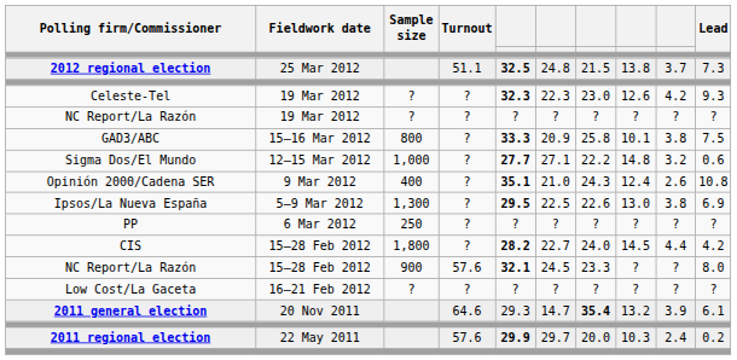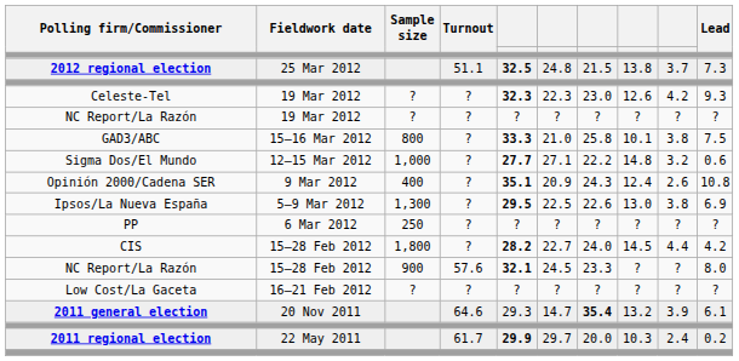 <table class="wikitable collapsible collapsed" style="text-align:center; font-size:95%; line-height:16px;">
 <tr style="height:42px;">
 <th style="width:250px;" rowspan="2">Polling firm/Commissioner</th>
 <th style="width:125px;" rowspan="2">Fieldwork date</th>
 <th style="width:50px;" rowspan="2">Sample size</th>
 <th style="width:45px;" rowspan="2">Turnout</th>
 <th style="width:35px;"></th>
 <th style="width:35px;"></th>
 <th style="width:35px;"></th>
 <th style="width:35px;"></th>
 <th style="width:35px;"></th>
 <th style="width:30px;" rowspan="2">Lead</th>
 </tr>
 <tr>
 <th style="color:inherit;background:"></th>
 <th style="color:inherit;background:"></th>
 <th style="color:inherit;background:"></th>
 <th style="color:inherit;background:"></th>
 <th style="color:inherit;background:"></th>
 </tr>
 <tr>
 <td colspan="10" style="background:#A0A0A0"></td>
 </tr>
 <tr style="background:#EFEFEF;">
 <td><strong><a href='#'>2012 regional election</a></strong></td>
 <td>25 Mar 2012</td>
 <td></td>
 <td>51.1</td>
 <td><strong>32.5</strong><br></td>
 <td>24.8<br></td>
 <td>21.5<br></td>
 <td>13.8<br></td>
 <td>3.7<br></td>
 <td style="background:">7.3</td>
 </tr>
 <tr>
 <td colspan="10" style="background:#A0A0A0"></td>
 </tr>
 <tr>
 <td>Celeste-Tel</td>
 <td>19 Mar 2012</td>
 <td>?</td>
 <td>?</td>
 <td><strong>32.3</strong><br></td>
 <td>22.3<br></td>
 <td>23.0<br></td>
 <td>12.6<br></td>
 <td>4.2<br></td>
 <td style="background:">9.3</td>
 </tr>
 <tr>
 <td>NC Report/La Razón</td>
 <td>19 Mar 2012</td>
 <td>?</td>
 <td>?</td>
 <td>?<br></td>
 <td>?<br></td>
 <td>?<br></td>
 <td>?<br></td>
 <td>?<br></td>
 <td style="background:">?</td>
 </tr>
 <tr>
 <td>GAD3/ABC</td>
 <td>15–16 Mar 2012</td>
 <td>800</td>
 <td>?</td>
 <td><strong>33.3</strong><br></td>
-<td>20.9<br></td>
+<td>21.0<br></td>
 <td>25.8<br></td>
 <td>10.1<br></td>
 <td>3.8<br></td>
 <td style="background:">7.5</td>
 </tr>
 <tr>
 <td>Sigma Dos/El Mundo</td>
 <td>12–15 Mar 2012</td>
 <td>1,000</td>
 <td>?</td>
 <td><strong>27.7</strong><br></td>
 <td>27.1<br></td>
 <td>22.2<br></td>
 <td>14.8<br></td>
 <td>3.2<br></td>
 <td style="background:">0.6</td>
 </tr>
 <tr>
 <td>Opinión 2000/Cadena SER</td>
 <td>9 Mar 2012</td>
 <td>400</td>
 <td>?</td>
 <td><strong>35.1</strong><br></td>
-<td>21.0<br></td>
+<td>20.9<br></td>
 <td>24.3<br></td>
 <td>12.4<br></td>
 <td>2.6<br></td>
 <td style="background:">10.8</td>
 </tr>
 <tr>
 <td>Ipsos/La Nueva España</td>
 <td>5–9 Mar 2012</td>
 <td>1,300</td>
 <td>?</td>
 <td><strong>29.5</strong><br></td>
 <td>22.5<br></td>
 <td>22.6<br></td>
 <td>13.0<br></td>
 <td>3.8<br></td>
 <td style="background:">6.9</td>
 </tr>
 <tr>
 <td>PP</td>
 <td>6 Mar 2012</td>
 <td>250</td>
 <td>?</td>
 <td>?<br></td>
 <td>?<br></td>
 <td>?<br></td>
 <td>?<br></td>
 <td>?<br></td>
 <td style="background:">?</td>
 </tr>
 <tr>
 <td>CIS</td>
 <td>15–28 Feb 2012</td>
 <td>1,800</td>
 <td>?</td>
 <td><strong>28.2</strong><br></td>
 <td>22.7<br></td>
 <td>24.0<br></td>
 <td>14.5<br></td>
 <td>4.4<br></td>
 <td style="background:">4.2</td>
 </tr>
 <tr>
 <td>NC Report/La Razón</td>
 <td>15–28 Feb 2012</td>
 <td>900</td>
 <td>57.6</td>
 <td><strong>32.1</strong><br></td>
 <td>24.5<br></td>
 <td>23.3<br></td>
 <td>?<br></td>
 <td>?<br></td>
 <td style="background:">8.0</td>
 </tr>
 <tr>
 <td>Low Cost/La Gaceta</td>
 <td>16–21 Feb 2012</td>
 <td>?</td>
 <td>?</td>
 <td>?<br></td>
 <td>?<br></td>
 <td>?<br></td>
 <td>?<br></td>
 <td>?<br></td>
 <td style="background:">?</td>
 </tr>
 <tr style="background:#EFEFEF;">
 <td><strong><a href='#'>2011 general election</a></strong></td>
 <td>20 Nov 2011</td>
 <td></td>
 <td>64.6</td>
 <td>29.3</td>
 <td>14.7</td>
 <td><strong>35.4</strong></td>
 <td>13.2</td>
 <td>3.9</td>
 <td style="background:">6.1</td>
 </tr>
 <tr>
 <td colspan="10" style="background:#A0A0A0"></td>
 </tr>
 <tr style="background:#EFEFEF;">
 <td><strong><a href='#'>2011 regional election</a></strong></td>
 <td>22 May 2011</td>
 <td></td>
-<td>57.6</td>
+<td>61.7</td>
 <td><strong>29.9</strong><br></td>
 <td>29.7<br></td>
 <td>20.0<br></td>
 <td>10.3<br></td>
 <td>2.4<br></td>
 <td style="background:">0.2</td>
 </tr>
 <tr>
 <td colspan="10" style="background:#A0A0A0"></td>
 </tr>
 </table>
